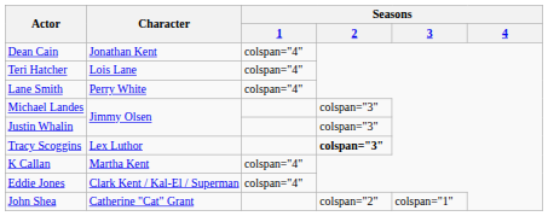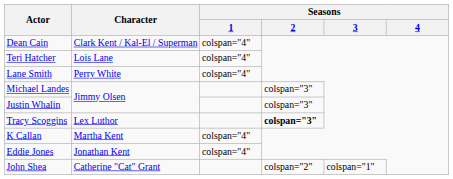 <table class="wikitable">
 <tr>
 <th rowspan="2">Actor</th>
 <th rowspan="2">Character</th>
 <th colspan="4">Seasons</th>
 </tr>
 <tr>
 <th style="width:14%;"><a href='#'>1</a></th>
 <th style="width:14%;"><a href='#'>2</a></th>
 <th style="width:14%;"><a href='#'>3</a></th>
 <th style="width:14%;"><a href='#'>4</a></th>
 </tr>
 <tr>
 <td><a href='#'>Dean Cain</a></td>
-<td><a href='#'>Jonathan Kent</a></td>
+<td><a href='#'>Clark Kent / Kal-El / Superman</a></td>
 <td>colspan="4" </td>
 </tr>
 <tr>
 <td><a href='#'>Teri Hatcher</a></td>
 <td><a href='#'>Lois Lane</a></td>
 <td>colspan="4" </td>
 </tr>
 <tr>
 <td><a href='#'>Lane Smith</a></td>
 <td><a href='#'>Perry White</a></td>
 <td>colspan="4" </td>
 </tr>
 <tr>
 <td><a href='#'>Michael Landes</a></td>
 <td rowspan="2"><a href='#'>Jimmy Olsen</a></td>
 <td></td>
 <td>colspan="3" </td>
 </tr>
 <tr>
 <td><a href='#'>Justin Whalin</a></td>
 <td></td>
 <td>colspan="3" </td>
 </tr>
 <tr>
 <td><a href='#'>Tracy Scoggins</a></td>
 <td><a href='#'>Lex Luthor</a></td>
 <td></td>
 <td><strong>colspan="3" </strong></td>
 </tr>
 <tr>
 <td><a href='#'>K Callan</a></td>
 <td><a href='#'>Martha Kent</a></td>
 <td>colspan="4" </td>
 </tr>
 <tr>
 <td><a href='#'>Eddie Jones</a></td>
-<td><a href='#'>Clark Kent / Kal-El / Superman</a></td>
+<td><a href='#'>Jonathan Kent</a></td>
 <td>colspan="4" </td>
 </tr>
 <tr>
 <td><a href='#'>John Shea</a></td>
 <td><a href='#'>Catherine "Cat" Grant</a></td>
 <td></td>
 <td>colspan="2" </td>
 <td>colspan="1" </td>
 </tr>
 </table>
